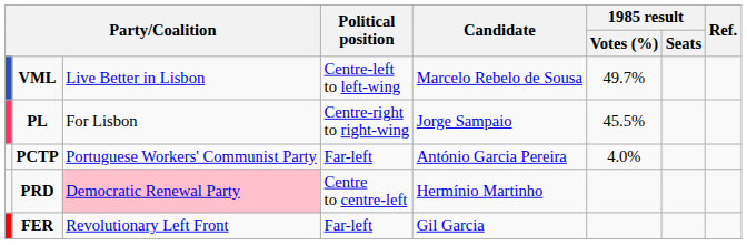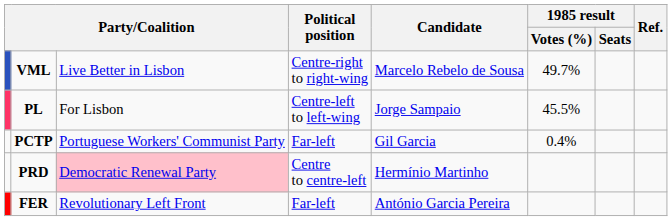 <table class="wikitable">
 <tr>
 <th colspan="3" rowspan="2">Party/Coalition</th>
 <th rowspan="2">Political<br>position</th>
 <th rowspan="2">Candidate</th>
 <th colspan="2">1985 result</th>
 <th rowspan="2">Ref.</th>
 </tr>
 <tr>
 <th>Votes (%)</th>
 <th>Seats</th>
 </tr>
 <tr>
 <td style="background:#2A52BE;"></td>
 <td style="text-align:center;"><strong>VML</strong></td>
 <td><a href='#'>Live Better in Lisbon</a><br> </td>
-<td><a href='#'>Centre-left</a><br>to <a href='#'>left-wing</a></td>
+<td><a href='#'>Centre-right</a><br>to <a href='#'>right-wing</a></td>
 <td><a href='#'>Marcelo Rebelo de Sousa</a></td>
 <td style="text-align:center;">49.7%</td>
 <td></td>
 <td></td>
 </tr>
 <tr>
 <td style="background:#FF3366;"></td>
 <td style="text-align:center;"><strong>PL</strong></td>
 <td>For Lisbon<br> </td>
-<td><a href='#'>Centre-right</a><br>to <a href='#'>right-wing</a></td>
+<td><a href='#'>Centre-left</a><br>to <a href='#'>left-wing</a></td>
 <td><a href='#'>Jorge Sampaio</a></td>
 <td style="text-align:center;">45.5%</td>
 <td></td>
 <td></td>
 </tr>
 <tr>
 <td style="background:"></td>
 <td style="text-align:center;"><strong>PCTP</strong></td>
 <td><a href='#'>Portuguese Workers' Communist Party</a><br></td>
 <td><a href='#'>Far-left</a></td>
-<td><a href='#'>António Garcia Pereira</a></td>
-<td style="text-align:center;">4.0%</td>
+<td><a href='#'>Gil Garcia</a></td>
+<td style="text-align:center;">0.4%</td>
 <td></td>
 <td></td>
 </tr>
 <tr>
 <td style="background:"></td>
 <td style="text-align:center;"><strong>PRD</strong></td>
 <td style="background: pink;"><a href='#'>Democratic Renewal Party</a><br></td>
 <td><a href='#'>Centre</a> <br>to <a href='#'>centre-left</a></td>
 <td><a href='#'>Hermínio Martinho</a></td>
 <td></td>
 <td></td>
 <td></td>
 </tr>
 <tr>
 <td style="background:red;"></td>
 <td style="text-align:center;"><strong>FER</strong></td>
 <td><a href='#'>Revolutionary Left Front</a><br></td>
 <td><a href='#'>Far-left</a></td>
-<td><a href='#'>Gil Garcia</a></td>
+<td><a href='#'>António Garcia Pereira</a></td>
 <td></td>
 <td></td>
 <td></td>
 </tr>
 </table>
